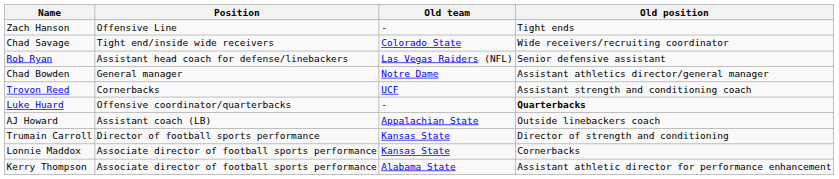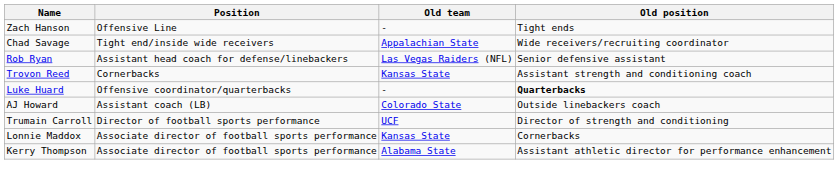 <table class="wikitable">
 <tr>
 <th style="text-align:center; ">Name</th>
 <th style="text-align:center; ">Position</th>
 <th style="text-align:center; ">Old team</th>
 <th style="text-align:center; ">Old position</th>
 </tr>
 <tr>
 <td>Zach Hanson</td>
 <td>Offensive Line</td>
 <td>-</td>
 <td>Tight ends</td>
 </tr>
 <tr>
 <td>Chad Savage</td>
 <td>Tight end/inside wide receivers</td>
-<td><a href='#'>Colorado State</a></td>
+<td><a href='#'>Appalachian State</a></td>
 <td>Wide receivers/recruiting coordinator</td>
 </tr>
 <tr>
 <td><a href='#'>Rob Ryan</a></td>
 <td>Assistant head coach for defense/linebackers</td>
 <td><a href='#'>Las Vegas Raiders</a> (NFL)</td>
 <td>Senior defensive assistant</td>
 </tr>
 <tr>
-<td>Chad Bowden</td>
-<td>General manager</td>
-<td><a href='#'>Notre Dame</a></td>
-<td>Assistant athletics director/general manager</td>
-</tr>
-<tr>
 <td><a href='#'>Trovon Reed</a></td>
 <td>Cornerbacks</td>
-<td><a href='#'>UCF</a></td>
+<td><a href='#'>Kansas State</a></td>
 <td>Assistant strength and conditioning coach</td>
 </tr>
 <tr>
 <td><a href='#'>Luke Huard</a></td>
 <td>Offensive coordinator/quarterbacks</td>
 <td>-</td>
 <td><strong>Quarterbacks</strong></td>
 </tr>
 <tr>
 <td>AJ Howard</td>
 <td>Assistant coach (LB)</td>
-<td><a href='#'>Appalachian State</a></td>
+<td><a href='#'>Colorado State</a></td>
 <td>Outside linebackers coach</td>
 </tr>
 <tr>
 <td>Trumain Carroll</td>
 <td>Director of football sports performance</td>
-<td><a href='#'>Kansas State</a></td>
+<td><a href='#'>UCF</a></td>
 <td>Director of strength and conditioning</td>
 </tr>
 <tr>
 <td>Lonnie Maddox</td>
 <td>Associate director of football sports performance</td>
 <td><a href='#'>Kansas State</a></td>
 <td>Cornerbacks</td>
 </tr>
 <tr>
 <td>Kerry Thompson</td>
 <td>Associate director of football sports performance</td>
 <td><a href='#'>Alabama State</a></td>
 <td>Assistant athletic director for performance enhancement</td>
 </tr>
 </table>
